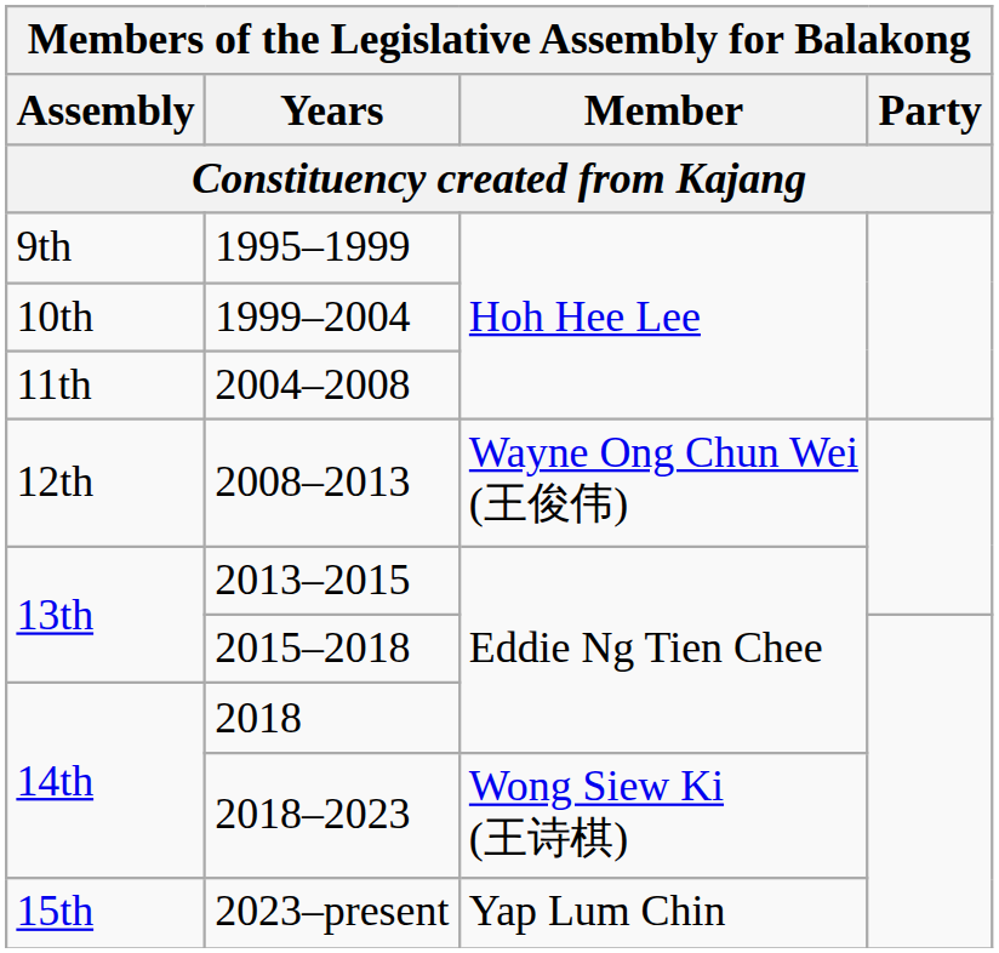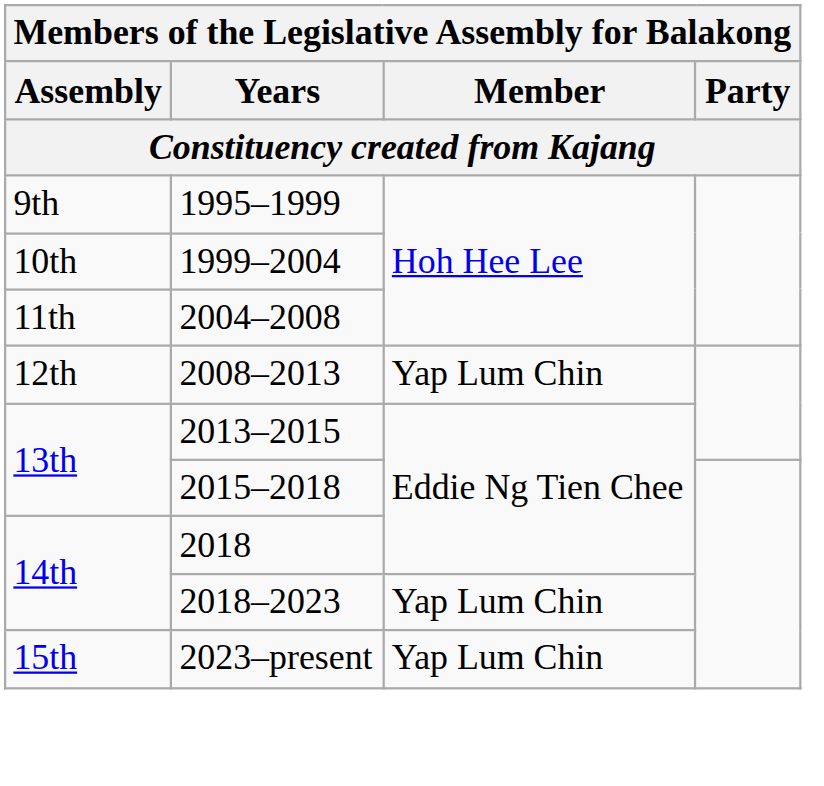 <table class=wikitable>
 <tr>
 <th colspan=4>Members of the Legislative Assembly for Balakong</th>
 </tr>
 <tr>
 <th>Assembly</th>
 <th>Years</th>
 <th>Member</th>
 <th>Party</th>
 </tr>
 <tr>
 <th colspan=4 align=center><em>Constituency created from Kajang</em></th>
 </tr>
 <tr>
 <td>9th</td>
 <td>1995–1999</td>
 <td rowspan=3><a href='#'>Hoh Hee Lee</a></td>
 <td rowspan=3></td>
 </tr>
 <tr>
 <td>10th</td>
 <td>1999–2004</td>
 </tr>
 <tr>
 <td>11th</td>
 <td>2004–2008</td>
 </tr>
 <tr>
 <td>12th</td>
 <td>2008–2013</td>
-<td><a href='#'>Wayne Ong Chun Wei</a> <br> (王俊伟)</td>
+<td>Yap Lum Chin</td>
 <td rowspan=2></td>
 </tr>
 <tr>
 <td rowspan=2><a href='#'>13th</a></td>
 <td>2013–2015</td>
 <td rowspan=3>Eddie Ng Tien Chee</td>
 </tr>
 <tr>
 <td>2015–2018</td>
 <td rowspan=4></td>
 </tr>
 <tr>
 <td rowspan=2><a href='#'>14th</a></td>
 <td>2018</td>
 </tr>
 <tr>
 <td>2018–2023</td>
-<td><a href='#'>Wong Siew Ki</a> <br> (王诗棋)</td>
+<td>Yap Lum Chin</td>
 </tr>
 <tr>
 <td><a href='#'>15th</a></td>
 <td>2023–present</td>
 <td>Yap Lum Chin</td>
 </tr>
 </table>
